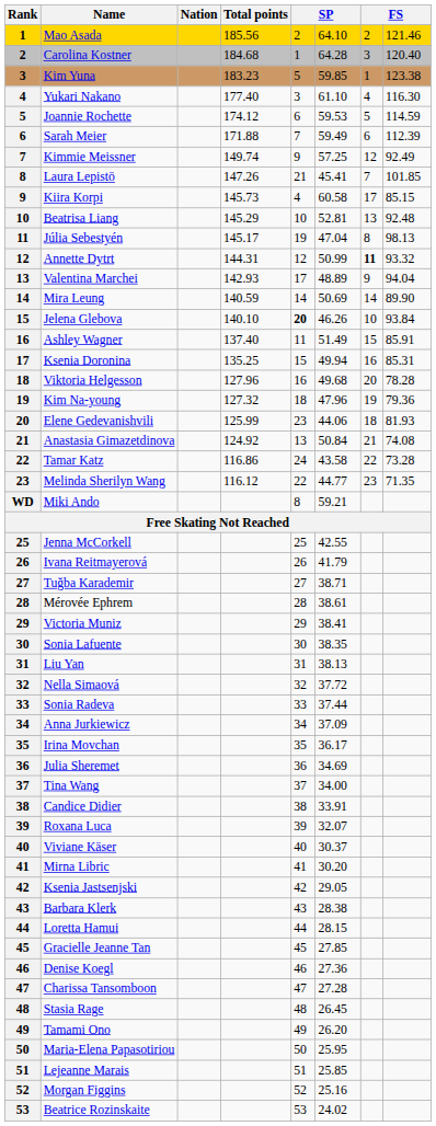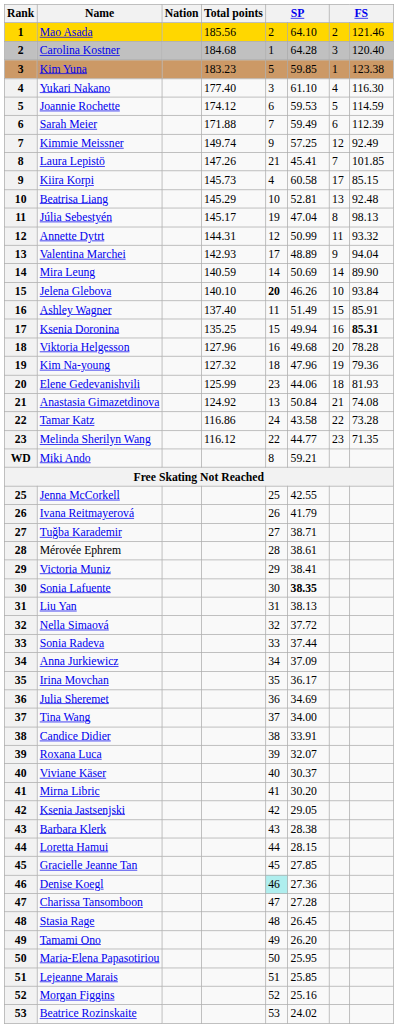 <table class="wikitable sortable">
 <tr>
 <th>Rank</th>
 <th>Name</th>
 <th>Nation</th>
 <th>Total points</th>
 <th colspan="2" width="80px"><a href='#'>SP</a></th>
 <th colspan="2" width="80px"><a href='#'>FS</a></th>
 </tr>
 <tr bgcolor=gold>
 <td align=center><strong>1</strong></td>
 <td><a href='#'>Mao Asada</a></td>
 <td></td>
 <td>185.56</td>
 <td>2</td>
 <td>64.10</td>
 <td>2</td>
 <td>121.46</td>
 </tr>
 <tr bgcolor=silver>
 <td align=center><strong>2</strong></td>
 <td><a href='#'>Carolina Kostner</a></td>
 <td></td>
 <td>184.68</td>
 <td>1</td>
 <td>64.28</td>
 <td>3</td>
 <td>120.40</td>
 </tr>
 <tr bgcolor=cc9966>
 <td align=center><strong>3</strong></td>
 <td><a href='#'>Kim Yuna</a></td>
 <td></td>
 <td>183.23</td>
 <td>5</td>
 <td>59.85</td>
 <td>1</td>
 <td>123.38</td>
 </tr>
 <tr>
 <th>4</th>
 <td><a href='#'>Yukari Nakano</a></td>
 <td></td>
 <td>177.40</td>
 <td>3</td>
 <td>61.10</td>
 <td>4</td>
 <td>116.30</td>
 </tr>
 <tr>
 <th>5</th>
 <td><a href='#'>Joannie Rochette</a></td>
 <td></td>
 <td>174.12</td>
 <td>6</td>
 <td>59.53</td>
 <td>5</td>
 <td>114.59</td>
 </tr>
 <tr>
 <th>6</th>
 <td><a href='#'>Sarah Meier</a></td>
 <td></td>
 <td>171.88</td>
 <td>7</td>
 <td>59.49</td>
 <td>6</td>
 <td>112.39</td>
 </tr>
 <tr>
 <th>7</th>
 <td><a href='#'>Kimmie Meissner</a></td>
 <td></td>
 <td>149.74</td>
 <td>9</td>
 <td>57.25</td>
 <td>12</td>
 <td>92.49</td>
 </tr>
 <tr>
 <th>8</th>
 <td><a href='#'>Laura Lepistö</a></td>
 <td></td>
 <td>147.26</td>
 <td>21</td>
 <td>45.41</td>
 <td>7</td>
 <td>101.85</td>
 </tr>
 <tr>
 <th>9</th>
 <td><a href='#'>Kiira Korpi</a></td>
 <td></td>
 <td>145.73</td>
 <td>4</td>
 <td>60.58</td>
 <td>17</td>
 <td>85.15</td>
 </tr>
 <tr>
 <th>10</th>
 <td><a href='#'>Beatrisa Liang</a></td>
 <td></td>
 <td>145.29</td>
 <td>10</td>
 <td>52.81</td>
 <td>13</td>
 <td>92.48</td>
 </tr>
 <tr>
 <th>11</th>
 <td><a href='#'>Júlia Sebestyén</a></td>
 <td></td>
 <td>145.17</td>
 <td>19</td>
 <td>47.04</td>
 <td>8</td>
 <td>98.13</td>
 </tr>
 <tr>
 <th>12</th>
 <td><a href='#'>Annette Dytrt</a></td>
 <td></td>
 <td>144.31</td>
 <td>12</td>
 <td>50.99</td>
-<td><strong>11</strong></td>
+<td>11</td>
 <td>93.32</td>
 </tr>
 <tr>
 <th>13</th>
 <td><a href='#'>Valentina Marchei</a></td>
 <td></td>
 <td>142.93</td>
 <td>17</td>
 <td>48.89</td>
 <td>9</td>
 <td>94.04</td>
 </tr>
 <tr>
 <th>14</th>
 <td><a href='#'>Mira Leung</a></td>
 <td></td>
 <td>140.59</td>
 <td>14</td>
 <td>50.69</td>
 <td>14</td>
 <td>89.90</td>
 </tr>
 <tr>
 <th>15</th>
 <td><a href='#'>Jelena Glebova</a></td>
 <td></td>
 <td>140.10</td>
 <td><strong>20</strong></td>
 <td>46.26</td>
 <td>10</td>
 <td>93.84</td>
 </tr>
 <tr>
 <th>16</th>
 <td><a href='#'>Ashley Wagner</a></td>
 <td></td>
 <td>137.40</td>
 <td>11</td>
 <td>51.49</td>
 <td>15</td>
 <td>85.91</td>
 </tr>
 <tr>
 <th>17</th>
 <td><a href='#'>Ksenia Doronina</a></td>
 <td></td>
 <td>135.25</td>
 <td>15</td>
 <td>49.94</td>
 <td>16</td>
-<td>85.31</td>
+<td><strong>85.31</strong></td>
 </tr>
 <tr>
 <th>18</th>
 <td><a href='#'>Viktoria Helgesson</a></td>
 <td></td>
 <td>127.96</td>
 <td>16</td>
 <td>49.68</td>
 <td>20</td>
 <td>78.28</td>
 </tr>
 <tr>
 <th>19</th>
 <td><a href='#'>Kim Na-young</a></td>
 <td></td>
 <td>127.32</td>
 <td>18</td>
 <td>47.96</td>
 <td>19</td>
 <td>79.36</td>
 </tr>
 <tr>
 <th>20</th>
 <td><a href='#'>Elene Gedevanishvili</a></td>
 <td></td>
 <td>125.99</td>
 <td>23</td>
 <td>44.06</td>
 <td>18</td>
 <td>81.93</td>
 </tr>
 <tr>
 <th>21</th>
 <td><a href='#'>Anastasia Gimazetdinova</a></td>
 <td></td>
 <td>124.92</td>
 <td>13</td>
 <td>50.84</td>
 <td>21</td>
 <td>74.08</td>
 </tr>
 <tr>
 <th>22</th>
 <td><a href='#'>Tamar Katz</a></td>
 <td></td>
 <td>116.86</td>
 <td>24</td>
 <td>43.58</td>
 <td>22</td>
 <td>73.28</td>
 </tr>
 <tr>
 <th>23</th>
 <td><a href='#'>Melinda Sherilyn Wang</a></td>
 <td></td>
 <td>116.12</td>
 <td>22</td>
 <td>44.77</td>
 <td>23</td>
 <td>71.35</td>
 </tr>
 <tr>
 <th>WD</th>
 <td><a href='#'>Miki Ando</a></td>
 <td></td>
 <td></td>
 <td>8</td>
 <td>59.21</td>
 <td></td>
 <td></td>
 </tr>
 <tr>
 <th colspan=8>Free Skating Not Reached</th>
 </tr>
 <tr>
 <th>25</th>
 <td><a href='#'>Jenna McCorkell</a></td>
 <td></td>
 <td></td>
 <td>25</td>
 <td>42.55</td>
 <td></td>
 <td></td>
 </tr>
 <tr>
 <th>26</th>
 <td><a href='#'>Ivana Reitmayerová</a></td>
 <td></td>
 <td></td>
 <td>26</td>
 <td>41.79</td>
 <td></td>
 <td></td>
 </tr>
 <tr>
 <th>27</th>
 <td><a href='#'>Tuğba Karademir</a></td>
 <td></td>
 <td></td>
 <td>27</td>
 <td>38.71</td>
 <td></td>
 <td></td>
 </tr>
 <tr>
 <th>28</th>
 <td>Mérovée Ephrem</td>
 <td></td>
 <td></td>
 <td>28</td>
 <td>38.61</td>
 <td></td>
 <td></td>
 </tr>
 <tr>
 <th>29</th>
 <td><a href='#'>Victoria Muniz</a></td>
 <td></td>
 <td></td>
 <td>29</td>
 <td>38.41</td>
 <td></td>
 <td></td>
 </tr>
 <tr>
 <th>30</th>
 <td><a href='#'>Sonia Lafuente</a></td>
 <td></td>
 <td></td>
 <td>30</td>
-<td>38.35</td>
+<td><strong>38.35</strong></td>
 <td></td>
 <td></td>
 </tr>
 <tr>
 <th>31</th>
 <td><a href='#'>Liu Yan</a></td>
 <td></td>
 <td></td>
 <td>31</td>
 <td>38.13</td>
 <td></td>
 <td></td>
 </tr>
 <tr>
 <th>32</th>
 <td><a href='#'>Nella Simaová</a></td>
 <td></td>
 <td></td>
 <td>32</td>
 <td>37.72</td>
 <td></td>
 <td></td>
 </tr>
 <tr>
 <th>33</th>
 <td><a href='#'>Sonia Radeva</a></td>
 <td></td>
 <td></td>
 <td>33</td>
 <td>37.44</td>
 <td></td>
 <td></td>
 </tr>
 <tr>
 <th>34</th>
 <td><a href='#'>Anna Jurkiewicz</a></td>
 <td></td>
 <td></td>
 <td>34</td>
 <td>37.09</td>
 <td></td>
 <td></td>
 </tr>
 <tr>
 <th>35</th>
 <td><a href='#'>Irina Movchan</a></td>
 <td></td>
 <td></td>
 <td>35</td>
 <td>36.17</td>
 <td></td>
 <td></td>
 </tr>
 <tr>
 <th>36</th>
 <td><a href='#'>Julia Sheremet</a></td>
 <td></td>
 <td></td>
 <td>36</td>
 <td>34.69</td>
 <td></td>
 <td></td>
 </tr>
 <tr>
 <th>37</th>
 <td><a href='#'>Tina Wang</a></td>
 <td></td>
 <td></td>
 <td>37</td>
 <td>34.00</td>
 <td></td>
 <td></td>
 </tr>
 <tr>
 <th>38</th>
 <td><a href='#'>Candice Didier</a></td>
 <td></td>
 <td></td>
 <td>38</td>
 <td>33.91</td>
 <td></td>
 <td></td>
 </tr>
 <tr>
 <th>39</th>
 <td><a href='#'>Roxana Luca</a></td>
 <td></td>
 <td></td>
 <td>39</td>
 <td>32.07</td>
 <td></td>
 <td></td>
 </tr>
 <tr>
 <th>40</th>
 <td><a href='#'>Viviane Käser</a></td>
 <td></td>
 <td></td>
 <td>40</td>
 <td>30.37</td>
 <td></td>
 <td></td>
 </tr>
 <tr>
 <th>41</th>
 <td><a href='#'>Mirna Libric</a></td>
 <td></td>
 <td></td>
 <td>41</td>
 <td>30.20</td>
 <td></td>
 <td></td>
 </tr>
 <tr>
 <th>42</th>
 <td><a href='#'>Ksenia Jastsenjski</a></td>
 <td></td>
 <td></td>
 <td>42</td>
 <td>29.05</td>
 <td></td>
 <td></td>
 </tr>
 <tr>
 <th>43</th>
 <td><a href='#'>Barbara Klerk</a></td>
 <td></td>
 <td></td>
 <td>43</td>
 <td>28.38</td>
 <td></td>
 <td></td>
 </tr>
 <tr>
 <th>44</th>
 <td><a href='#'>Loretta Hamui</a></td>
 <td></td>
 <td></td>
 <td>44</td>
 <td>28.15</td>
 <td></td>
 <td></td>
 </tr>
 <tr>
 <th>45</th>
 <td><a href='#'>Gracielle Jeanne Tan</a></td>
 <td></td>
 <td></td>
 <td>45</td>
 <td>27.85</td>
 <td></td>
 <td></td>
 </tr>
 <tr>
 <th>46</th>
 <td><a href='#'>Denise Koegl</a></td>
 <td></td>
 <td></td>
-<td>46</td>
+<td style="background: paleturquoise;">46</td>
 <td>27.36</td>
 <td></td>
 <td></td>
 </tr>
 <tr>
 <th>47</th>
 <td><a href='#'>Charissa Tansomboon</a></td>
 <td></td>
 <td></td>
 <td>47</td>
 <td>27.28</td>
 <td></td>
 <td></td>
 </tr>
 <tr>
 <th>48</th>
 <td><a href='#'>Stasia Rage</a></td>
 <td></td>
 <td></td>
 <td>48</td>
 <td>26.45</td>
 <td></td>
 <td></td>
 </tr>
 <tr>
 <th>49</th>
 <td><a href='#'>Tamami Ono</a></td>
 <td></td>
 <td></td>
 <td>49</td>
 <td>26.20</td>
 <td></td>
 <td></td>
 </tr>
 <tr>
 <th>50</th>
 <td><a href='#'>Maria-Elena Papasotiriou</a></td>
 <td></td>
 <td></td>
 <td>50</td>
 <td>25.95</td>
 <td></td>
 <td></td>
 </tr>
 <tr>
 <th>51</th>
 <td><a href='#'>Lejeanne Marais</a></td>
 <td></td>
 <td></td>
 <td>51</td>
 <td>25.85</td>
 <td></td>
 <td></td>
 </tr>
 <tr>
 <th>52</th>
 <td><a href='#'>Morgan Figgins</a></td>
 <td></td>
 <td></td>
 <td>52</td>
 <td>25.16</td>
 <td></td>
 <td></td>
 </tr>
 <tr>
 <th>53</th>
 <td><a href='#'>Beatrice Rozinskaite</a></td>
 <td></td>
 <td></td>
 <td>53</td>
 <td>24.02</td>
 <td></td>
 <td></td>
 </tr>
 </table>
